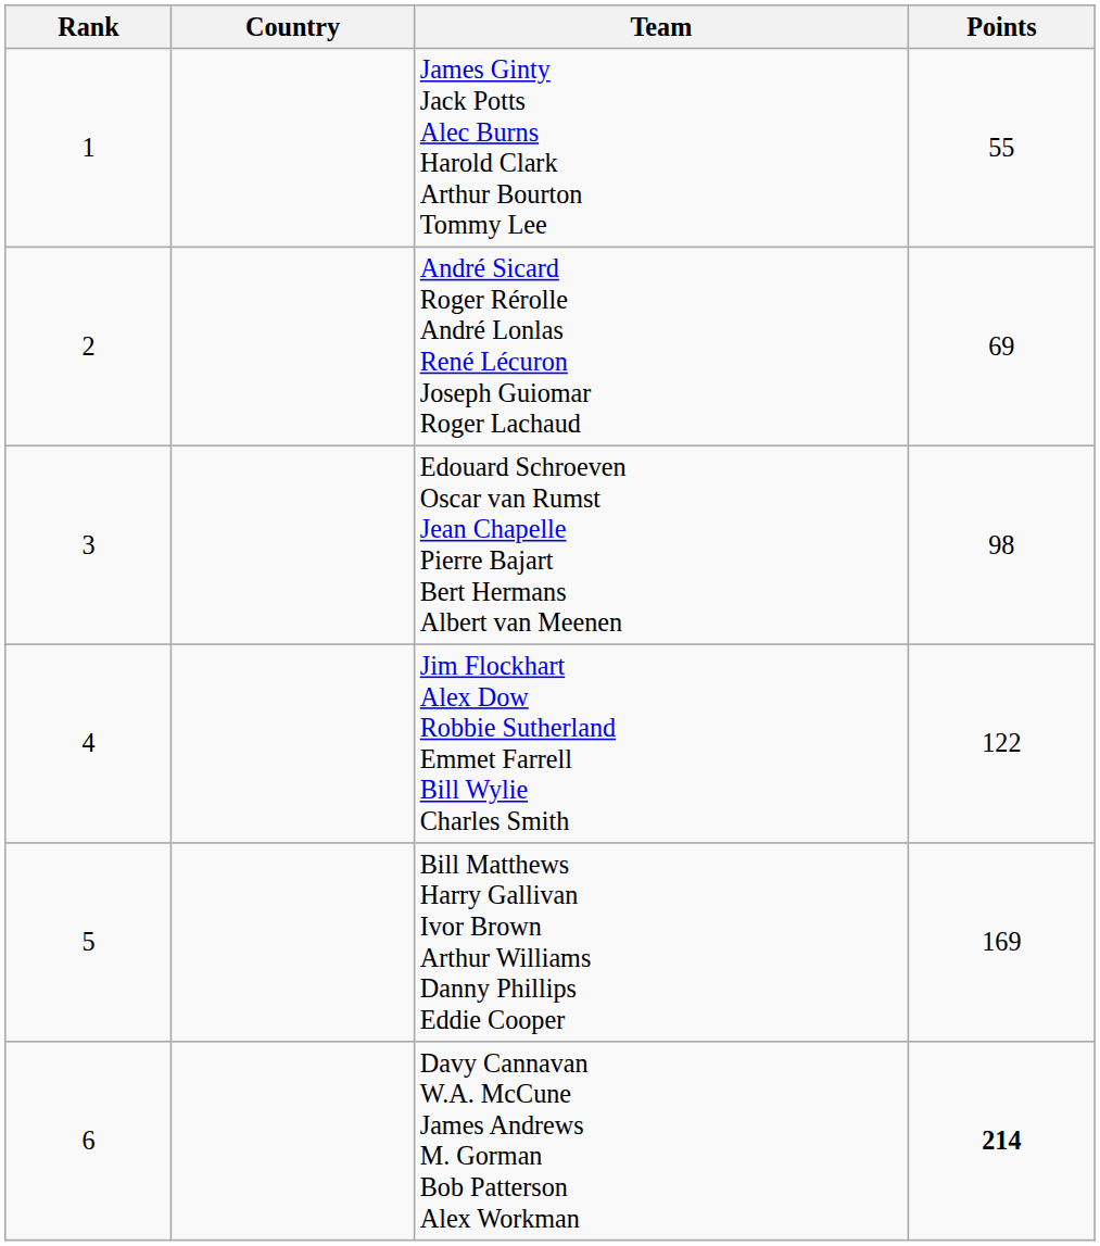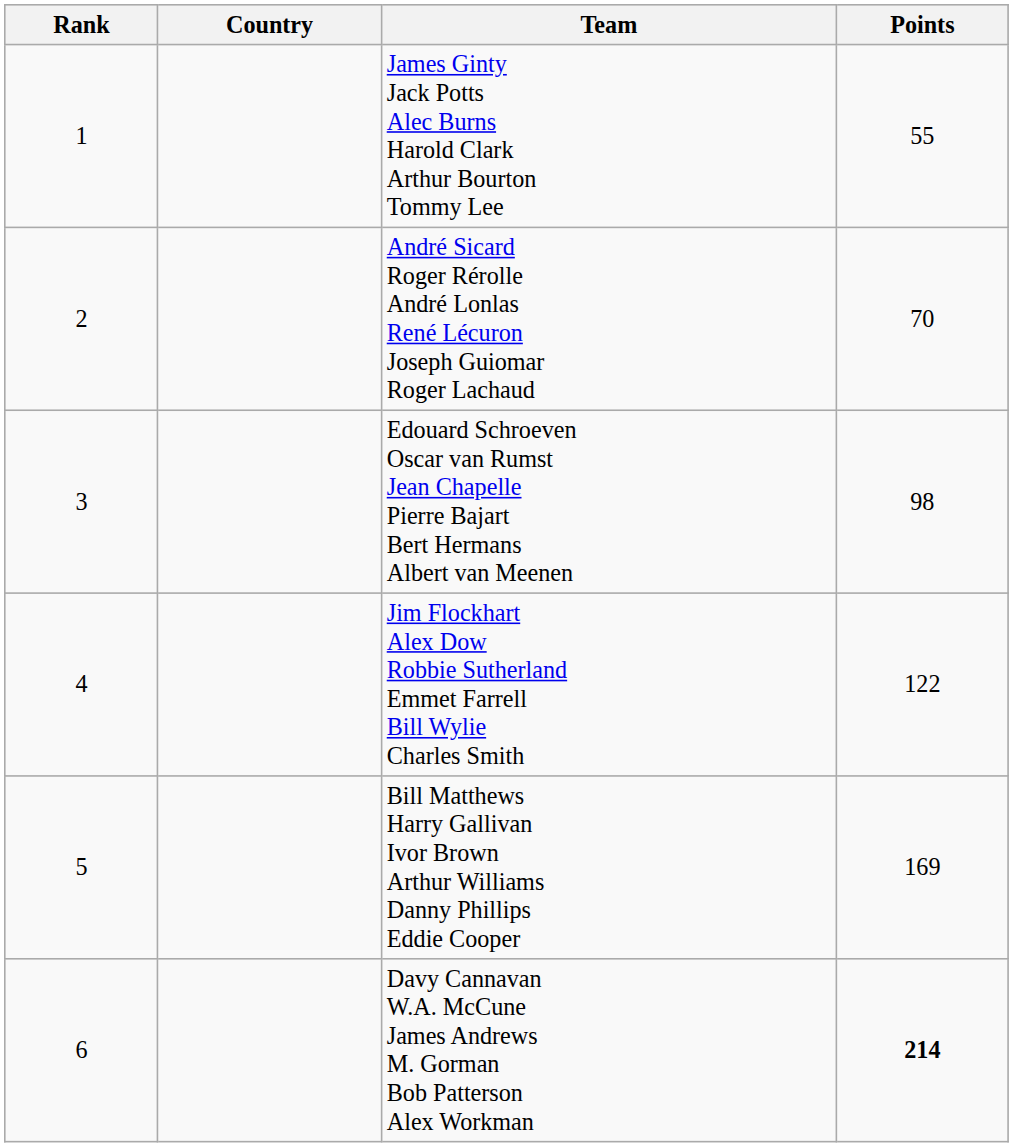 <table class="wikitable sortable" style=" text-align:center; font-size:95%;" width="50%">
 <tr>
 <th>Rank</th>
 <th>Country</th>
 <th>Team</th>
 <th>Points</th>
 </tr>
 <tr>
 <td align=center>1</td>
 <td align=left></td>
 <td align=left><a href='#'>James Ginty</a><br>Jack Potts<br><a href='#'>Alec Burns</a><br>Harold Clark<br>Arthur Bourton<br>Tommy Lee</td>
 <td>55</td>
 </tr>
 <tr>
 <td align=center>2</td>
 <td align=left></td>
 <td align=left><a href='#'>André Sicard</a><br>Roger Rérolle<br>André Lonlas<br><a href='#'>René Lécuron</a><br>Joseph Guiomar<br>Roger Lachaud</td>
-<td>69</td>
+<td>70</td>
 </tr>
 <tr>
 <td align=center>3</td>
 <td align=left></td>
 <td align=left>Edouard Schroeven<br>Oscar van Rumst<br><a href='#'>Jean Chapelle</a><br>Pierre Bajart<br>Bert Hermans<br>Albert van Meenen</td>
 <td>98</td>
 </tr>
 <tr>
 <td align=center>4</td>
 <td align=left></td>
 <td align=left><a href='#'>Jim Flockhart</a><br><a href='#'>Alex Dow</a><br><a href='#'>Robbie Sutherland</a><br>Emmet Farrell<br><a href='#'>Bill Wylie</a><br>Charles Smith</td>
 <td>122</td>
 </tr>
 <tr>
 <td align=center>5</td>
 <td align=left></td>
 <td align=left>Bill Matthews<br>Harry Gallivan<br>Ivor Brown<br>Arthur Williams<br>Danny Phillips<br>Eddie Cooper</td>
 <td>169</td>
 </tr>
 <tr>
 <td align=center>6</td>
 <td align=left></td>
 <td align=left>Davy Cannavan<br>W.A. McCune<br>James Andrews<br>M. Gorman<br>Bob Patterson<br>Alex Workman</td>
 <td><strong>214</strong></td>
 </tr>
 </table>
